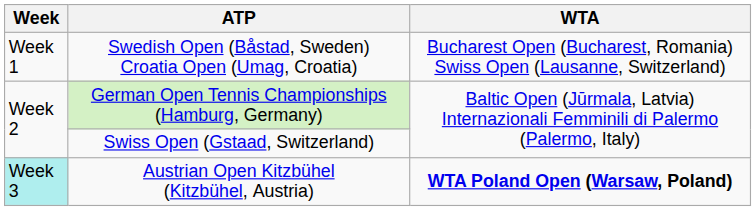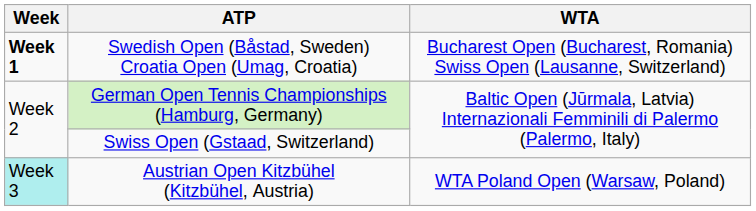 <table class="wikitable">
 <tr valign= bottom>
 <th style="width:50px;">Week</th>
 <th style="width:300px;">ATP</th>
 <th style="width:300px;">WTA</th>
 </tr>
 <tr>
-<td>Week 1</td>
+<td><strong>Week 1</strong></td>
 <td style="text-align:center;"><a href='#'>Swedish Open</a> (<a href='#'>Båstad</a>, Sweden)<br><a href='#'>Croatia Open</a> (<a href='#'>Umag</a>, Croatia)</td>
 <td style="text-align:center;"><a href='#'>Bucharest Open</a> (<a href='#'>Bucharest</a>, Romania)<br><a href='#'>Swiss Open</a> (<a href='#'>Lausanne</a>, Switzerland)</td>
 </tr>
 <tr>
 <td rowspan="2">Week 2</td>
 <td bgcolor=#D4F1C5 style="text-align:center;"><a href='#'>German Open Tennis Championships</a> (<a href='#'>Hamburg</a>, Germany)</td>
 <td rowspan="2" style="text-align: center;"><a href='#'>Baltic Open</a> (<a href='#'>Jūrmala</a>, Latvia)<br><a href='#'>Internazionali Femminili di Palermo</a> (<a href='#'>Palermo</a>, Italy)</td>
 </tr>
 <tr>
 <td style="text-align:center;"><a href='#'>Swiss Open</a> (<a href='#'>Gstaad</a>, Switzerland)</td>
 </tr>
 <tr>
 <td style="background: paleturquoise;">Week 3</td>
 <td style="text-align:center;"><a href='#'>Austrian Open Kitzbühel</a> (<a href='#'>Kitzbühel</a>, Austria)</td>
-<td style="text-align:center;"><strong><a href='#'>WTA Poland Open</a> (<a href='#'>Warsaw</a>, Poland)</strong></td>
+<td style="text-align:center;"><a href='#'>WTA Poland Open</a> (<a href='#'>Warsaw</a>, Poland)</td>
 </tr>
 </table>
